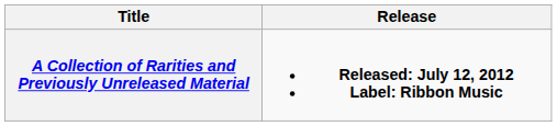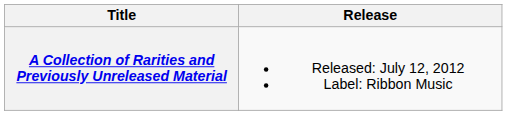 <table class="wikitable plainrowheaders" style="text-align:center;">
 <tr>
 <th scope="col" rowspan="" style="width:16em;">Title</th>
 <th scope="col" rowspan="" style="width:18em;">Release</th>
 </tr>
 <tr>
 <th scope="row"><em><a href='#'>A Collection of Rarities and Previously Unreleased Material</a></em></th>
-<td><strong><br><ul><li>Released: July 12, 2012</li><li>Label: Ribbon Music</li></ul></strong></td>
+<td><br><ul><li>Released: July 12, 2012</li><li>Label: Ribbon Music</li></ul></td>
 </tr>
 </table>
